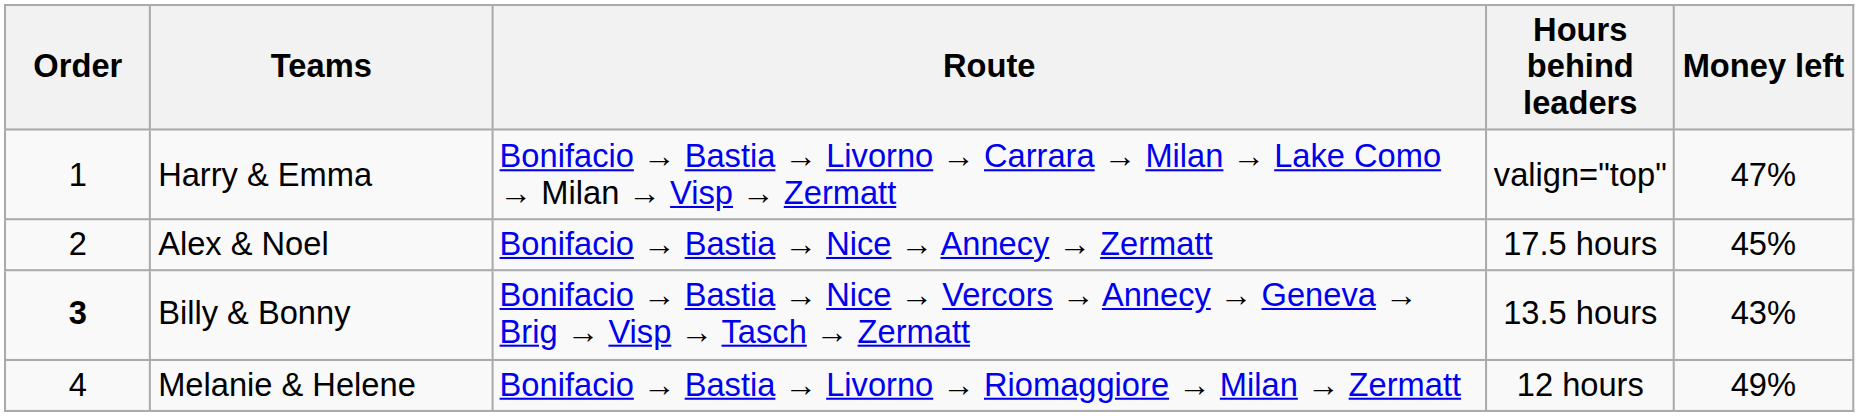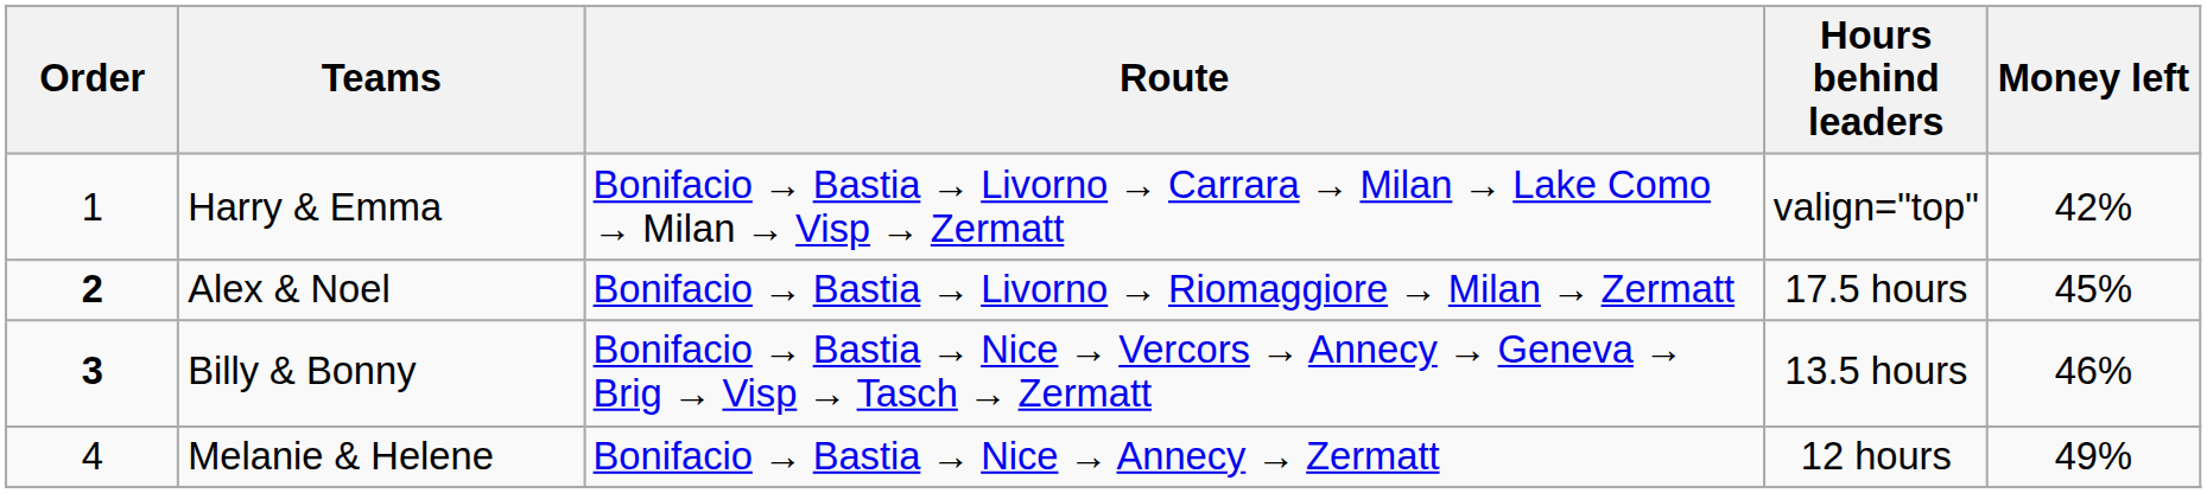 <table class="wikitable sortable" style="text-align:center">
 <tr>
 <th style="width:4em">Order</th>
 <th style="width:10em">Teams</th>
 <th style="width:30em">Route</th>
 <th style="width:5em">Hours behind leaders</th>
 <th style="width:5em">Money left</th>
 </tr>
 <tr>
 <td>1</td>
 <td style="text-align:left">Harry & Emma</td>
 <td style="text-align:left"><a href='#'>Bonifacio</a>  → <a href='#'>Bastia</a>  → <a href='#'>Livorno</a>  → <a href='#'>Carrara</a>   → <a href='#'>Milan</a>  → <a href='#'>Lake Como</a>   → Milan  → <a href='#'>Visp</a> → <a href='#'>Zermatt</a></td>
 <td>valign="top" </td>
-<td>47%</td>
+<td>42%</td>
 </tr>
 <tr>
-<td>2</td>
+<td><strong>2</strong></td>
 <td style="text-align:left">Alex & Noel</td>
-<td style="text-align:left"><a href='#'>Bonifacio</a>  → <a href='#'>Bastia</a>   → <a href='#'>Nice</a>  → <a href='#'>Annecy</a>   → <a href='#'>Zermatt</a></td>
+<td style="text-align:left"><a href='#'>Bonifacio</a>  → <a href='#'>Bastia</a>  → <a href='#'>Livorno</a>    → <a href='#'>Riomaggiore</a>   → <a href='#'>Milan</a>  → <a href='#'>Zermatt</a></td>
 <td>17.5 hours</td>
 <td>45%</td>
 </tr>
 <tr>
 <td><strong>3</strong></td>
 <td style="text-align:left">Billy & Bonny</td>
 <td style="text-align:left"><a href='#'>Bonifacio</a>  → <a href='#'>Bastia</a>  → <a href='#'>Nice</a>  → <a href='#'>Vercors</a>  → <a href='#'>Annecy</a>  → <a href='#'>Geneva</a>  → <a href='#'>Brig</a>  → <a href='#'>Visp</a>  → <a href='#'>Tasch</a>  → <a href='#'>Zermatt</a></td>
 <td>13.5 hours</td>
-<td>43%</td>
+<td>46%</td>
 </tr>
 <tr>
 <td>4</td>
 <td style="text-align:left">Melanie & Helene</td>
-<td style="text-align:left"><a href='#'>Bonifacio</a>  → <a href='#'>Bastia</a>  → <a href='#'>Livorno</a>    → <a href='#'>Riomaggiore</a>   → <a href='#'>Milan</a>  → <a href='#'>Zermatt</a></td>
+<td style="text-align:left"><a href='#'>Bonifacio</a>  → <a href='#'>Bastia</a>   → <a href='#'>Nice</a>  → <a href='#'>Annecy</a>   → <a href='#'>Zermatt</a></td>
 <td>12 hours</td>
 <td>49%</td>
 </tr>
 <tr>
 </tr>
 </table>
